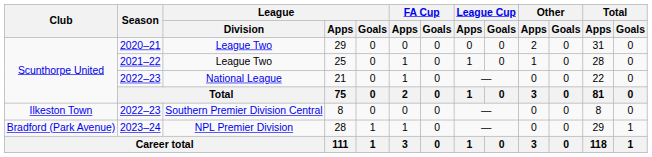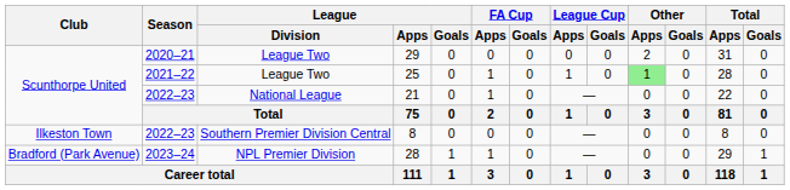 <table class="wikitable" style="text-align: center">
 <tr>
 <th rowspan="2">Club</th>
 <th rowspan="2">Season</th>
 <th colspan="3">League</th>
 <th colspan="2"><a href='#'>FA Cup</a></th>
 <th colspan="2"><a href='#'>League Cup</a></th>
 <th colspan="2">Other</th>
 <th colspan="2">Total</th>
 </tr>
 <tr>
 <th>Division</th>
 <th>Apps</th>
 <th>Goals</th>
 <th>Apps</th>
 <th>Goals</th>
 <th>Apps</th>
 <th>Goals</th>
 <th>Apps</th>
 <th>Goals</th>
 <th>Apps</th>
 <th>Goals</th>
 </tr>
 <tr>
 <td rowspan="4"><a href='#'>Scunthorpe United</a></td>
 <td><a href='#'>2020–21</a></td>
 <td><a href='#'>League Two</a></td>
 <td>29</td>
 <td>0</td>
 <td>0</td>
 <td>0</td>
 <td>0</td>
 <td>0</td>
 <td>2</td>
 <td>0</td>
 <td>31</td>
 <td>0</td>
 </tr>
 <tr>
 <td><a href='#'>2021–22</a></td>
 <td>League Two</td>
 <td>25</td>
 <td>0</td>
 <td>1</td>
 <td>0</td>
 <td>1</td>
 <td>0</td>
-<td>1</td>
+<td style="background: lightgreen;">1</td>
 <td>0</td>
 <td>28</td>
 <td>0</td>
 </tr>
 <tr>
 <td><a href='#'>2022–23</a></td>
 <td><a href='#'>National League</a></td>
 <td>21</td>
 <td>0</td>
 <td>1</td>
 <td>0</td>
 <td colspan="2">—</td>
 <td>0</td>
 <td>0</td>
 <td>22</td>
 <td>0</td>
 </tr>
 <tr>
 <th colspan="2">Total</th>
 <th>75</th>
 <th>0</th>
 <th>2</th>
 <th>0</th>
 <th>1</th>
 <th>0</th>
 <th>3</th>
 <th>0</th>
 <th>81</th>
 <th>0</th>
 </tr>
 <tr>
 <td><a href='#'>Ilkeston Town</a></td>
 <td><a href='#'>2022–23</a></td>
 <td><a href='#'>Southern Premier Division Central</a></td>
 <td>8</td>
 <td>0</td>
 <td>0</td>
 <td>0</td>
 <td colspan="2">—</td>
 <td>0</td>
 <td>0</td>
 <td>8</td>
 <td>0</td>
 </tr>
 <tr>
 <td><a href='#'>Bradford (Park Avenue)</a></td>
 <td><a href='#'>2023–24</a></td>
 <td><a href='#'>NPL Premier Division</a></td>
 <td>28</td>
 <td>1</td>
 <td>1</td>
 <td>0</td>
 <td colspan="2">—</td>
 <td>0</td>
 <td>0</td>
 <td>29</td>
 <td>1</td>
 </tr>
 <tr>
 <th colspan="3">Career total</th>
 <th>111</th>
 <th>1</th>
 <th>3</th>
 <th>0</th>
 <th>1</th>
 <th>0</th>
 <th>3</th>
 <th>0</th>
 <th>118</th>
 <th>1</th>
 </tr>
 </table>
